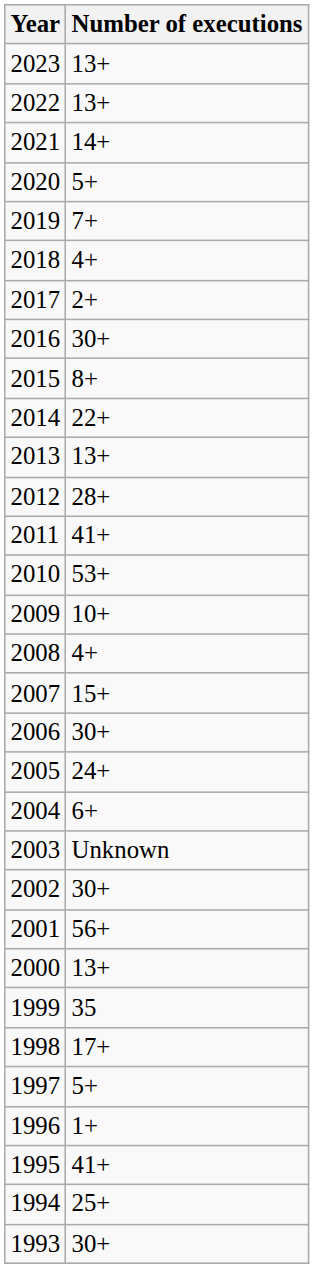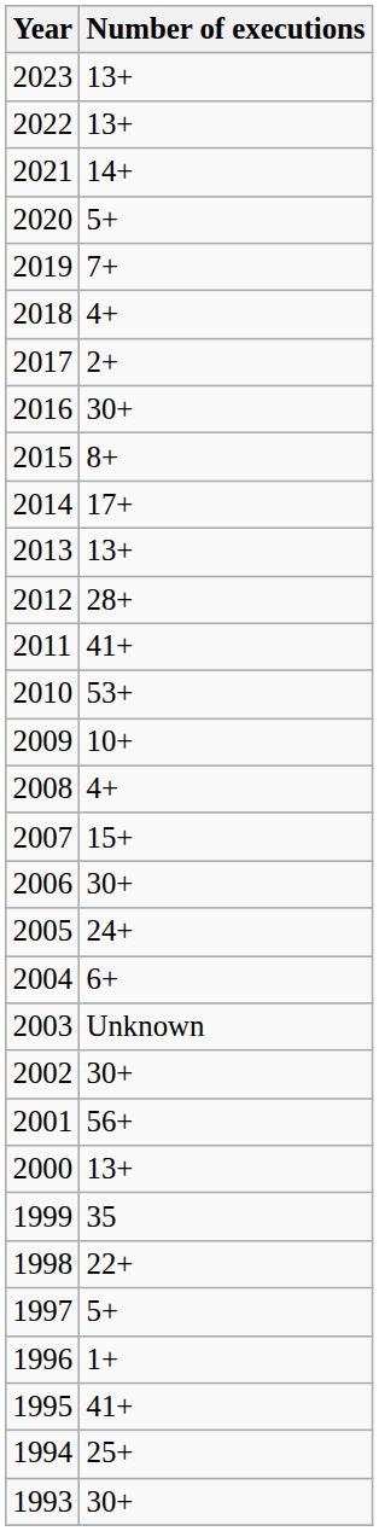 <table class="wikitable">
 <tr>
 <th>Year</th>
 <th>Number of executions</th>
 </tr>
 <tr>
 <td>2023</td>
 <td>13+</td>
 </tr>
 <tr>
 <td>2022</td>
 <td>13+</td>
 </tr>
 <tr>
 <td>2021</td>
 <td>14+</td>
 </tr>
 <tr>
 <td>2020</td>
 <td>5+</td>
 </tr>
 <tr>
 <td>2019</td>
 <td>7+</td>
 </tr>
 <tr>
 <td>2018</td>
 <td>4+</td>
 </tr>
 <tr>
 <td>2017</td>
 <td>2+</td>
 </tr>
 <tr>
 <td>2016</td>
 <td>30+</td>
 </tr>
 <tr>
 <td>2015</td>
 <td>8+</td>
 </tr>
 <tr>
 <td>2014</td>
-<td>22+</td>
+<td>17+</td>
 </tr>
 <tr>
 <td>2013</td>
 <td>13+</td>
 </tr>
 <tr>
 <td>2012</td>
 <td>28+</td>
 </tr>
 <tr>
 <td>2011</td>
 <td>41+</td>
 </tr>
 <tr>
 <td>2010</td>
 <td>53+</td>
 </tr>
 <tr>
 <td>2009</td>
 <td>10+</td>
 </tr>
 <tr>
 <td>2008</td>
 <td>4+</td>
 </tr>
 <tr>
 <td>2007</td>
 <td>15+</td>
 </tr>
 <tr>
 <td>2006</td>
 <td>30+</td>
 </tr>
 <tr>
 <td>2005</td>
 <td>24+</td>
 </tr>
 <tr>
 <td>2004</td>
 <td>6+</td>
 </tr>
 <tr>
 <td>2003</td>
 <td>Unknown</td>
 </tr>
 <tr>
 <td>2002</td>
 <td>30+</td>
 </tr>
 <tr>
 <td>2001</td>
 <td>56+</td>
 </tr>
 <tr>
 <td>2000</td>
 <td>13+</td>
 </tr>
 <tr>
 <td>1999</td>
 <td>35</td>
 </tr>
 <tr>
 <td>1998</td>
-<td>17+</td>
+<td>22+</td>
 </tr>
 <tr>
 <td>1997</td>
 <td>5+</td>
 </tr>
 <tr>
 <td>1996</td>
 <td>1+</td>
 </tr>
 <tr>
 <td>1995</td>
 <td>41+</td>
 </tr>
 <tr>
 <td>1994</td>
 <td>25+</td>
 </tr>
 <tr>
 <td>1993</td>
 <td>30+</td>
 </tr>
 <tr>
 </tr>
 </table>
